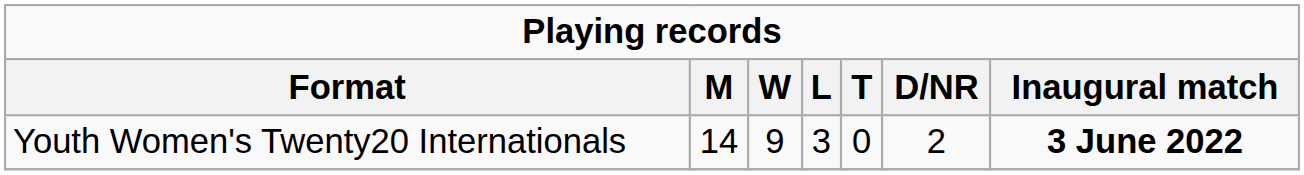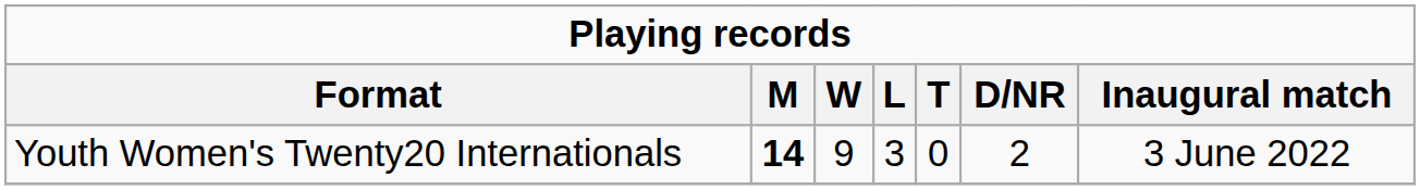 <table class="wikitable" style="text-align: center; width: 600px">
 <tr>
 <td colspan=7 align="center"><strong>Playing records</strong></td>
 </tr>
 <tr>
 <th>Format</th>
 <th>M</th>
 <th>W</th>
 <th>L</th>
 <th>T</th>
 <th>D/NR</th>
 <th>Inaugural match</th>
 </tr>
 <tr>
 <td align="left">Youth Women's Twenty20 Internationals</td>
-<td>14</td>
+<td><strong>14</strong></td>
 <td>9</td>
 <td>3</td>
 <td>0</td>
 <td>2</td>
-<td><strong>3 June 2022</strong></td>
+<td>3 June 2022</td>
 </tr>
 <tr>
 </tr>
 </table>
